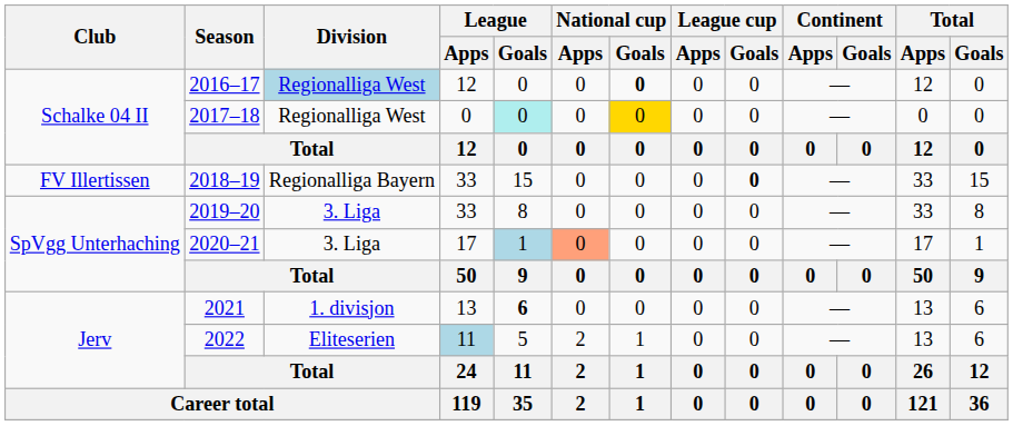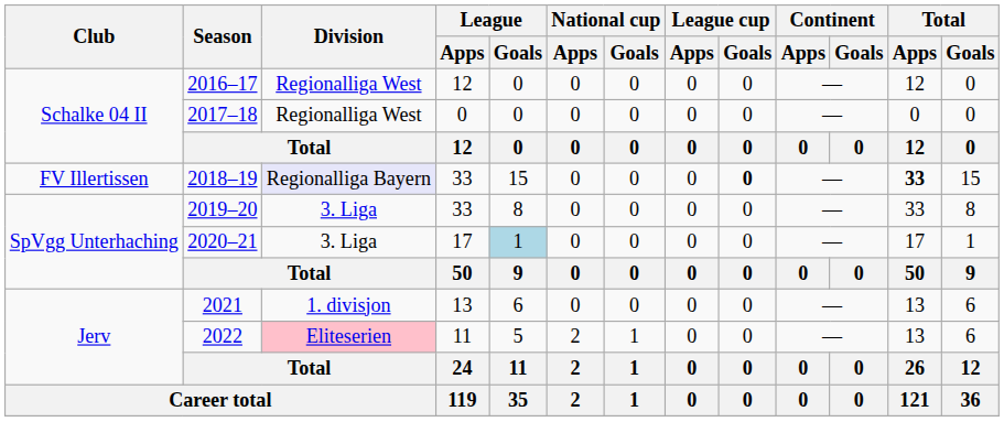 <table class="wikitable" style="text-align:center">
 <tr>
 <th rowspan="2">Club</th>
 <th rowspan="2">Season</th>
 <th rowspan="2">Division</th>
 <th colspan="2">League</th>
 <th colspan="2">National cup</th>
 <th colspan="2">League cup</th>
 <th colspan="2">Continent</th>
 <th colspan="2">Total</th>
 </tr>
 <tr>
 <th>Apps</th>
 <th>Goals</th>
 <th>Apps</th>
 <th>Goals</th>
 <th>Apps</th>
 <th>Goals</th>
 <th>Apps</th>
 <th>Goals</th>
 <th>Apps</th>
 <th>Goals</th>
 </tr>
 <tr>
 <td rowspan="3"><a href='#'>Schalke 04 II</a></td>
 <td><a href='#'>2016–17</a></td>
-<td style="background: lightblue;"><a href='#'>Regionalliga West</a></td>
+<td><a href='#'>Regionalliga West</a></td>
 <td>12</td>
 <td>0</td>
 <td>0</td>
-<td><strong>0</strong></td>
+<td>0</td>
 <td>0</td>
 <td>0</td>
 <td colspan="2">—</td>
 <td>12</td>
 <td>0</td>
 </tr>
 <tr>
 <td><a href='#'>2017–18</a></td>
 <td>Regionalliga West</td>
 <td>0</td>
-<td style="background: paleturquoise;">0</td>
 <td>0</td>
-<td style="background: gold;">0</td>
+<td>0</td>
+<td>0</td>
 <td>0</td>
 <td>0</td>
 <td colspan="2">—</td>
 <td>0</td>
 <td>0</td>
 </tr>
 <tr>
 <th colspan="2">Total</th>
 <th>12</th>
 <th>0</th>
 <th>0</th>
 <th>0</th>
 <th>0</th>
 <th>0</th>
 <th>0</th>
 <th>0</th>
 <th>12</th>
 <th>0</th>
 </tr>
 <tr>
 <td><a href='#'>FV Illertissen</a></td>
 <td><a href='#'>2018–19</a></td>
-<td>Regionalliga Bayern</td>
+<td style="background: lavender;">Regionalliga Bayern</td>
 <td>33</td>
 <td>15</td>
 <td>0</td>
 <td>0</td>
 <td>0</td>
 <td><strong>0</strong></td>
 <td colspan="2">—</td>
-<td>33</td>
+<td><strong>33</strong></td>
 <td>15</td>
 </tr>
 <tr>
 <td rowspan="3"><a href='#'>SpVgg Unterhaching</a></td>
 <td><a href='#'>2019–20</a></td>
 <td><a href='#'>3. Liga</a></td>
 <td>33</td>
 <td>8</td>
 <td>0</td>
 <td>0</td>
 <td>0</td>
 <td>0</td>
 <td colspan="2">—</td>
 <td>33</td>
 <td>8</td>
 </tr>
 <tr>
 <td><a href='#'>2020–21</a></td>
 <td>3. Liga</td>
 <td>17</td>
 <td style="background: lightblue;">1</td>
-<td style="background: lightsalmon;">0</td>
+<td>0</td>
 <td>0</td>
 <td>0</td>
 <td>0</td>
 <td colspan="2">—</td>
 <td>17</td>
 <td>1</td>
 </tr>
 <tr>
 <th colspan="2">Total</th>
 <th>50</th>
 <th>9</th>
 <th>0</th>
 <th>0</th>
 <th>0</th>
 <th>0</th>
 <th>0</th>
 <th>0</th>
 <th>50</th>
 <th>9</th>
 </tr>
 <tr>
 <td rowspan="3"><a href='#'>Jerv</a></td>
 <td><a href='#'>2021</a></td>
 <td><a href='#'>1. divisjon</a></td>
 <td>13</td>
-<td><strong>6</strong></td>
+<td>6</td>
 <td>0</td>
 <td>0</td>
 <td>0</td>
 <td>0</td>
 <td colspan="2">—</td>
 <td>13</td>
 <td>6</td>
 </tr>
 <tr>
 <td><a href='#'>2022</a></td>
-<td><a href='#'>Eliteserien</a></td>
-<td style="background: lightblue;">11</td>
+<td style="background: pink;"><a href='#'>Eliteserien</a></td>
+<td>11</td>
 <td>5</td>
 <td>2</td>
 <td>1</td>
 <td>0</td>
 <td>0</td>
 <td colspan="2">—</td>
 <td>13</td>
 <td>6</td>
 </tr>
 <tr>
 <th colspan="2">Total</th>
 <th>24</th>
 <th>11</th>
 <th>2</th>
 <th>1</th>
 <th>0</th>
 <th>0</th>
 <th>0</th>
 <th>0</th>
 <th>26</th>
 <th>12</th>
 </tr>
 <tr>
 <th colspan="3">Career total</th>
 <th>119</th>
 <th>35</th>
 <th>2</th>
 <th>1</th>
 <th>0</th>
 <th>0</th>
 <th>0</th>
 <th>0</th>
 <th>121</th>
 <th>36</th>
 </tr>
 <tr>
 </tr>
 </table>
